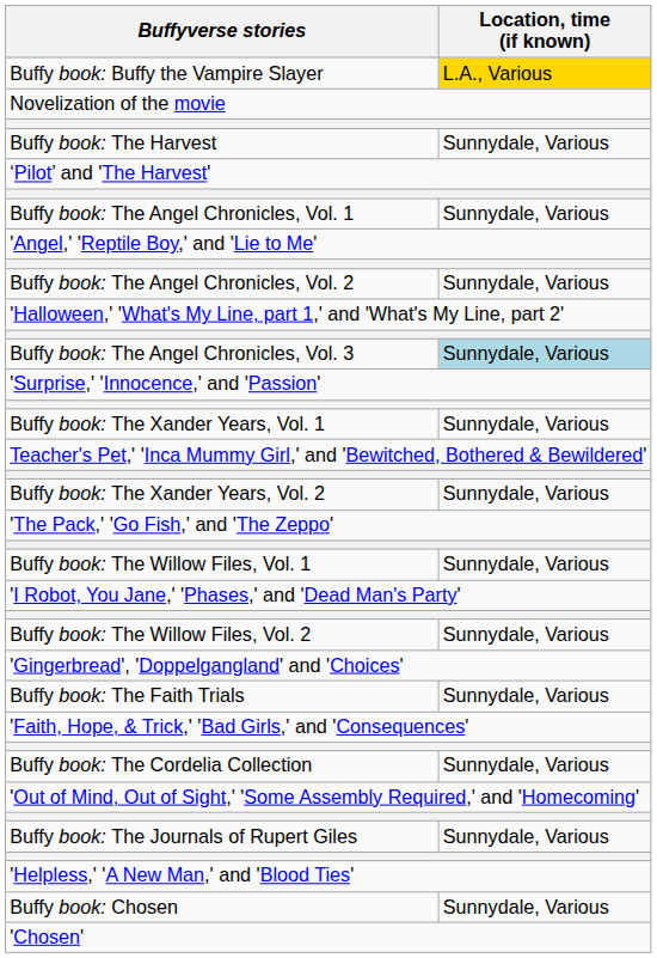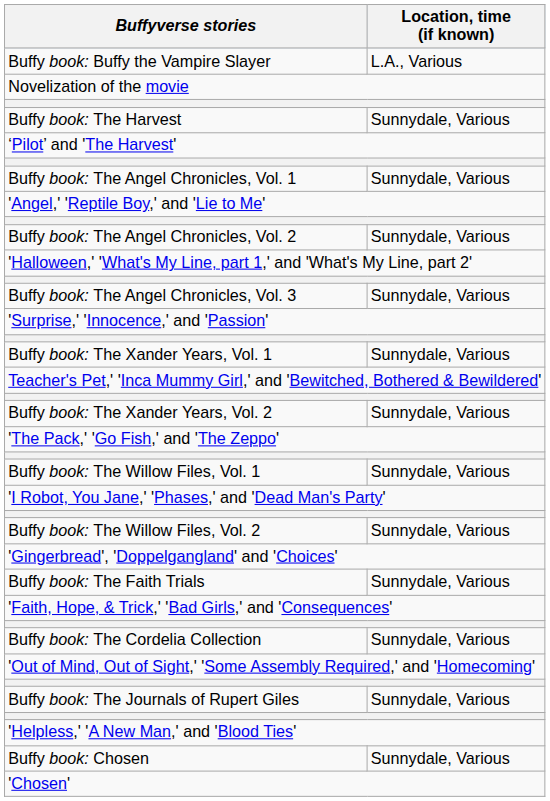 <table class="wikitable">
 <tr bgcolor="lightsteelblue" align=left>
 <th><strong><em>Buffyverse<em> stories<strong></th>
 <th></strong>Location, time<strong> <br>  (if known)</th>
 </tr>
 <tr>
 <td></em>Buffy<em> book: </em>Buffy the Vampire Slayer<em></td>
-<td style="background: gold;">L.A., Various</td>
+<td>L.A., Various</td>
 </tr>
 <tr>
 <td colspan="4">Novelization of the <a href='#'>movie</a></td>
 </tr>
 <tr>
 <td colspan="6" bgcolor="#f2f2f2"></td>
 </tr>
 <tr>
 <td></em>Buffy<em> book: </em>The Harvest<em></td>
 <td>Sunnydale, Various</td>
 </tr>
 <tr>
 <td colspan="4">‘<a href='#'>Pilot</a>’ and '<a href='#'>The Harvest</a>'</td>
 </tr>
 <tr>
 <td colspan="6" bgcolor="#f2f2f2"></td>
 </tr>
 <tr>
 <td></em>Buffy<em> book: </em>The Angel Chronicles, Vol. 1<em></td>
 <td>Sunnydale, Various</td>
 </tr>
 <tr>
 <td colspan="4">'<a href='#'>Angel</a>,' '<a href='#'>Reptile Boy</a>,' and '<a href='#'>Lie to Me</a>'</td>
 </tr>
 <tr>
 <td colspan="6" bgcolor="#f2f2f2"></td>
 </tr>
 <tr>
 <td></em>Buffy<em> book: </em>The Angel Chronicles, Vol. 2<em></td>
 <td>Sunnydale, Various</td>
 </tr>
 <tr>
 <td colspan="4">'<a href='#'>Halloween</a>,' '<a href='#'>What's My Line, part 1</a>,' and 'What's My Line, part 2'</td>
 </tr>
 <tr>
 <td colspan="6" bgcolor="#f2f2f2"></td>
 </tr>
 <tr>
 <td></em>Buffy<em> book: </em>The Angel Chronicles, Vol. 3<em></td>
-<td style="background: lightblue;">Sunnydale, Various</td>
+<td>Sunnydale, Various</td>
 </tr>
 <tr>
 <td colspan="4">'<a href='#'>Surprise</a>,' '<a href='#'>Innocence</a>,' and '<a href='#'>Passion</a>'</td>
 </tr>
 <tr>
 <td colspan="6" bgcolor="#f2f2f2"></td>
 </tr>
 <tr>
 <td></em>Buffy<em> book: </em>The Xander Years, Vol. 1<em></td>
 <td>Sunnydale, Various</td>
 </tr>
 <tr>
 <td colspan="4"><a href='#'>Teacher's Pet</a>,' '<a href='#'>Inca Mummy Girl</a>,' and '<a href='#'>Bewitched, Bothered & Bewildered</a>'</td>
 </tr>
 <tr>
 <td colspan="6" bgcolor="#f2f2f2"></td>
 </tr>
 <tr>
 <td></em>Buffy<em> book: </em>The Xander Years, Vol. 2<em></td>
 <td>Sunnydale, Various</td>
 </tr>
 <tr>
 <td colspan="4">'<a href='#'>The Pack</a>,' '<a href='#'>Go Fish</a>,' and '<a href='#'>The Zeppo</a>'</td>
 </tr>
 <tr>
 <td colspan="6" bgcolor="#f2f2f2"></td>
 </tr>
 <tr>
 <td></em>Buffy<em> book: </em>The Willow Files, Vol. 1<em></td>
 <td>Sunnydale, Various</td>
 </tr>
 <tr>
 <td colspan="4">'<a href='#'>I Robot, You Jane</a>,' '<a href='#'>Phases</a>,' and '<a href='#'>Dead Man's Party</a>'</td>
 </tr>
 <tr>
 <td colspan="6" bgcolor="#f2f2f2"></td>
 </tr>
 <tr>
 <td></em>Buffy<em> book: </em>The Willow Files, Vol. 2<em></td>
 <td>Sunnydale, Various</td>
 </tr>
 <tr>
 <td colspan="4">'<a href='#'>Gingerbread</a>', '<a href='#'>Doppelgangland</a>' and '<a href='#'>Choices</a>'</td>
 </tr>
 <tr>
 <td></em>Buffy<em> book: </em>The Faith Trials<em></td>
 <td>Sunnydale, Various</td>
 </tr>
 <tr>
 <td colspan="4">'<a href='#'>Faith, Hope, & Trick</a>,' '<a href='#'>Bad Girls</a>,' and '<a href='#'>Consequences</a>'</td>
 </tr>
 <tr>
 <td colspan="6" bgcolor="#f2f2f2"></td>
 </tr>
 <tr>
 <td></em>Buffy<em> book: </em>The Cordelia Collection<em></td>
 <td>Sunnydale, Various</td>
 </tr>
 <tr>
 <td colspan="4">'<a href='#'>Out of Mind, Out of Sight</a>,' '<a href='#'>Some Assembly Required</a>,' and '<a href='#'>Homecoming</a>'</td>
 </tr>
 <tr>
 <td colspan="6" bgcolor="#f2f2f2"></td>
 </tr>
 <tr>
 <td></em>Buffy<em> book: </em>The Journals of Rupert Giles<em></td>
 <td>Sunnydale, Various</td>
 </tr>
 <tr>
 <td colspan="6" bgcolor="#f2f2f2"></td>
 </tr>
 <tr>
 <td colspan="4">'<a href='#'>Helpless</a>,' '<a href='#'>A New Man</a>,' and '<a href='#'>Blood Ties</a>'</td>
 </tr>
 <tr>
 <td></em>Buffy<em> book: </em>Chosen<em></td>
 <td>Sunnydale, Various</td>
 </tr>
 <tr>
 <td colspan="4">'<a href='#'>Chosen</a>'</td>
 </tr>
 </table>
